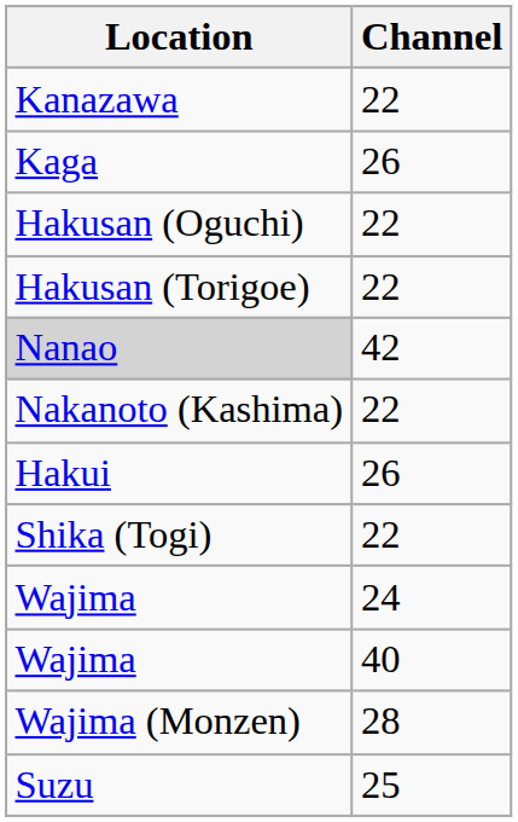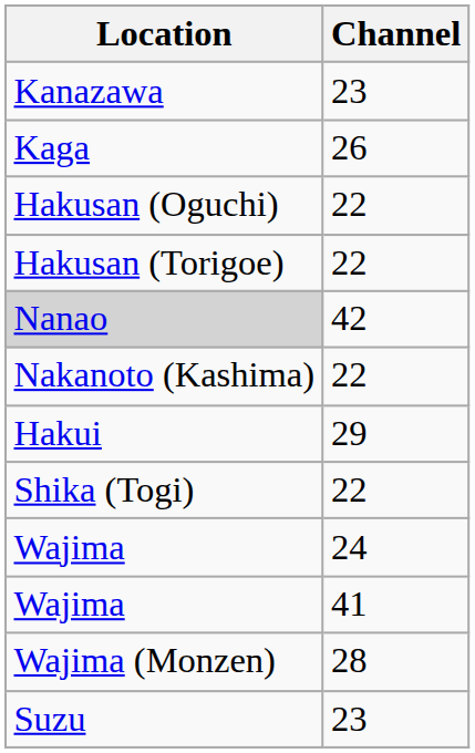 <table class="wikitable sortable">
 <tr>
 <th>Location</th>
 <th>Channel</th>
 </tr>
 <tr>
 <td><a href='#'>Kanazawa</a></td>
-<td>22</td>
+<td>23</td>
 </tr>
 <tr>
 <td><a href='#'>Kaga</a></td>
 <td>26</td>
 </tr>
 <tr>
 <td><a href='#'>Hakusan</a> (Oguchi)</td>
 <td>22</td>
 </tr>
 <tr>
 <td><a href='#'>Hakusan</a> (Torigoe)</td>
 <td>22</td>
 </tr>
 <tr>
 <td style="background: lightgrey;"><a href='#'>Nanao</a></td>
 <td>42</td>
 </tr>
 <tr>
 <td><a href='#'>Nakanoto</a> (Kashima)</td>
 <td>22</td>
 </tr>
 <tr>
 <td><a href='#'>Hakui</a></td>
-<td>26</td>
+<td>29</td>
 </tr>
 <tr>
 <td><a href='#'>Shika</a> (Togi)</td>
 <td>22</td>
 </tr>
 <tr>
 <td><a href='#'>Wajima</a></td>
 <td>24</td>
 </tr>
 <tr>
 <td><a href='#'>Wajima</a></td>
-<td>40</td>
+<td>41</td>
 </tr>
 <tr>
 <td><a href='#'>Wajima</a> (Monzen)</td>
 <td>28</td>
 </tr>
 <tr>
 <td><a href='#'>Suzu</a></td>
-<td>25</td>
+<td>23</td>
 </tr>
 </table>
